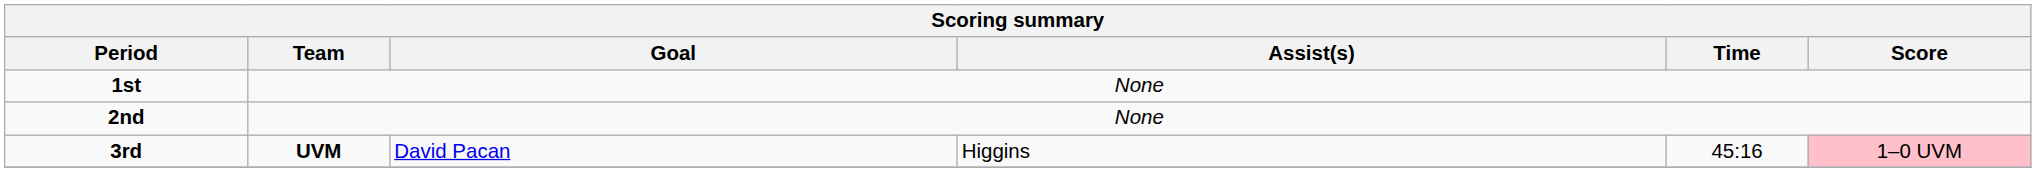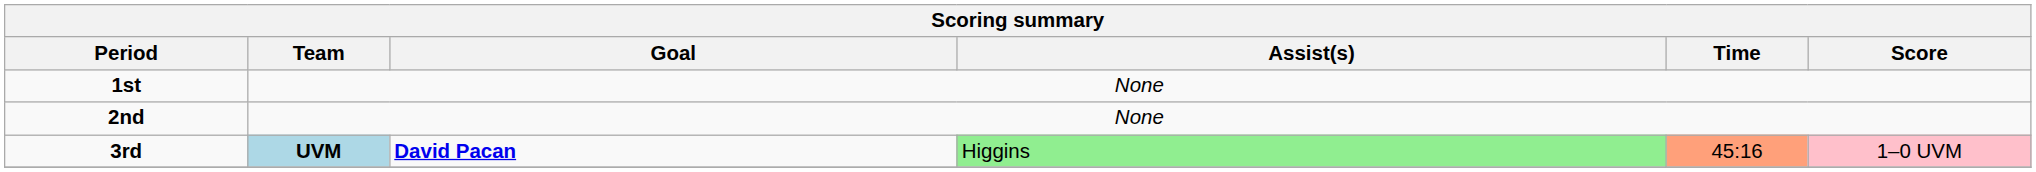 <table style="width:100%;" class="wikitable">
 <tr>
 <th colspan=6>Scoring summary</th>
 </tr>
 <tr>
 <th style="width:12%;">Period</th>
 <th style="width:7%;">Team</th>
 <th style="width:28%;">Goal</th>
 <th style="width:35%;">Assist(s)</th>
 <th style="width:7%;">Time</th>
 <th style="width:11%;">Score</th>
 </tr>
 <tr>
 <td style="text-align:center;" rowspan="1"><strong>1st</strong></td>
 <td style="text-align:center;" colspan="5"><em>None</em></td>
 </tr>
 <tr>
 <td style="text-align:center;" rowspan="1"><strong>2nd</strong></td>
 <td style="text-align:center;" colspan="5"><em>None</em></td>
 </tr>
 <tr>
 <td style="text-align:center;" rowspan="1"><strong>3rd</strong></td>
-<td align=center><strong>UVM</strong></td>
-<td><a href='#'>David Pacan</a></td>
-<td>Higgins</td>
-<td align=center>45:16</td>
+<td align=center style="background: lightblue;"><strong>UVM</strong></td>
+<td><strong><a href='#'>David Pacan</a></strong></td>
+<td style="background: lightgreen;">Higgins</td>
+<td align=center style="background: lightsalmon;">45:16</td>
 <td align=center style="background: pink;">1–0 UVM</td>
 </tr>
 <tr>
 </tr>
 </table>
